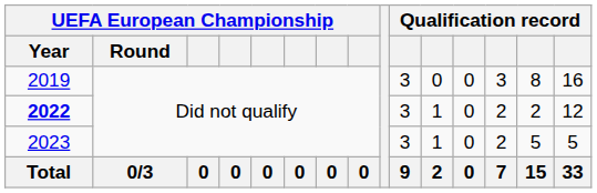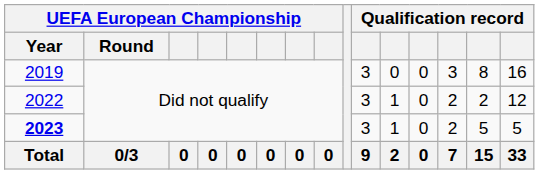 <table class="wikitable" width=50% style="text-align: center;font-size:90%;">
 <tr>
 <th colspan=8><a href='#'>UEFA European Championship</a></th>
 <th width=1% rowspan=20></th>
 <th colspan=8>Qualification record</th>
 </tr>
 <tr>
 <th width=80>Year</th>
 <th width=80>Round</th>
 <th width=25></th>
 <th width=25></th>
 <th width=25></th>
 <th width=25></th>
 <th width=25></th>
 <th width=25></th>
 <th width=25></th>
 <th width=25></th>
 <th width=25></th>
 <th width=25></th>
 <th width=25></th>
 <th width=25></th>
 </tr>
 <tr>
 <td> <a href='#'>2019</a></td>
 <td colspan=7 rowspan=3>Did not qualify</td>
 <td>3</td>
 <td>0</td>
 <td>0</td>
 <td>3</td>
 <td>8</td>
 <td>16</td>
 </tr>
 <tr>
-<td><strong> <a href='#'>2022</a></strong></td>
+<td> <a href='#'>2022</a></td>
 <td>3</td>
 <td>1</td>
 <td>0</td>
 <td>2</td>
 <td>2</td>
 <td>12</td>
 </tr>
 <tr>
-<td> <a href='#'>2023</a></td>
+<td><strong> <a href='#'>2023</a></strong></td>
 <td>3</td>
 <td>1</td>
 <td>0</td>
 <td>2</td>
 <td>5</td>
 <td>5</td>
 </tr>
 <tr>
 <th>Total</th>
 <th>0/3</th>
 <th>0</th>
 <th>0</th>
 <th>0</th>
 <th>0</th>
 <th>0</th>
 <th>0</th>
 <th>9</th>
 <th>2</th>
 <th>0</th>
 <th>7</th>
 <th>15</th>
 <th>33</th>
 </tr>
 </table>
